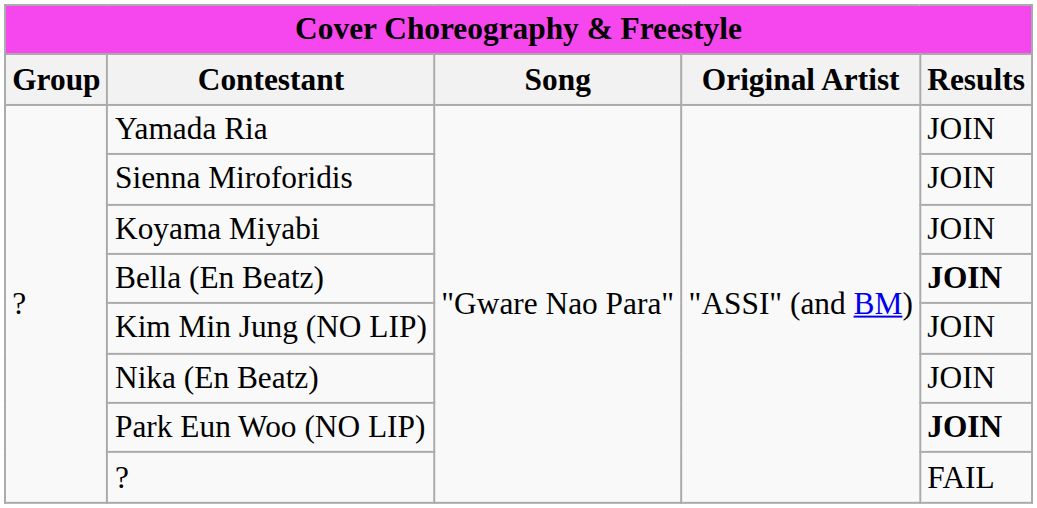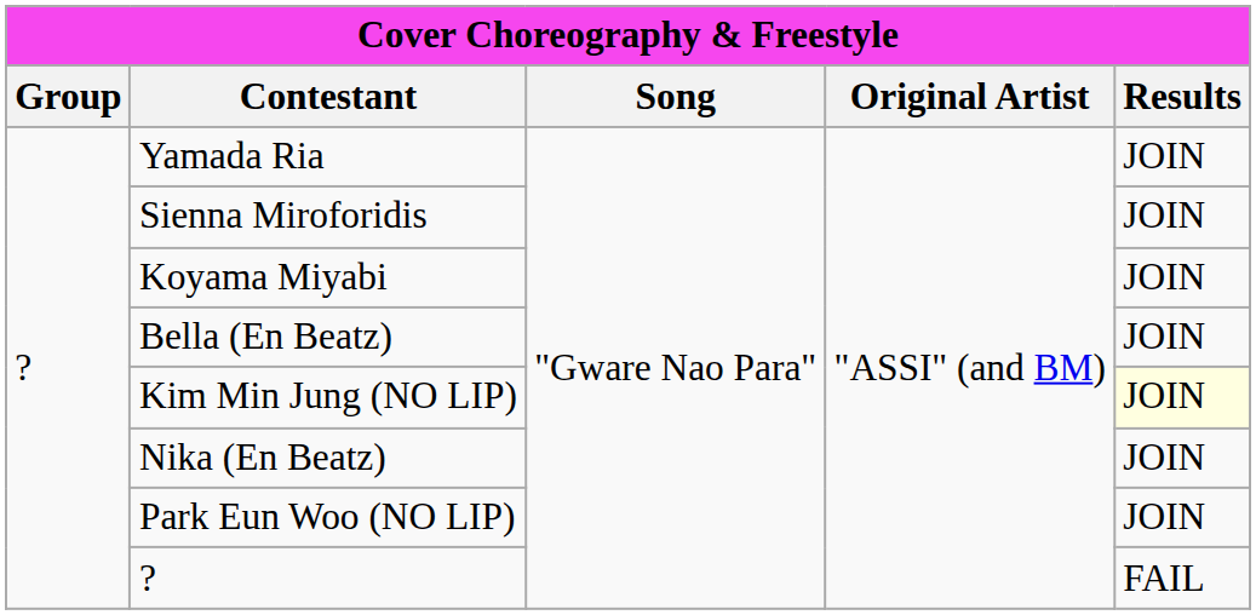 <table class="wikitable mw-collapsible mw-collapsed"  style="text-align:center font-size:90%">
 <tr>
 <th style="background:#F646EE"; colspan="5">Cover Choreography & Freestyle</th>
 </tr>
 <tr style="background:#f2f2f2">
 <th scope="col">Group</th>
 <th scope="col">Contestant</th>
 <th scope="col">Song</th>
 <th scope="col">Original Artist</th>
 <th scope="col">Results</th>
 </tr>
 <tr>
 <td rowspan="8">?</td>
 <td>Yamada Ria</td>
 <td rowspan="8">"Gware Nao Para"</td>
 <td rowspan="8">"ASSI" (and <a href='#'>BM</a>)</td>
 <td>JOIN</td>
 </tr>
 <tr>
 <td>Sienna Miroforidis</td>
 <td>JOIN</td>
 </tr>
 <tr>
 <td>Koyama Miyabi</td>
 <td>JOIN</td>
 </tr>
 <tr>
 <td>Bella (En Beatz)</td>
-<td><strong>JOIN</strong></td>
+<td>JOIN</td>
 </tr>
 <tr>
 <td>Kim Min Jung (NO LIP)</td>
-<td>JOIN</td>
+<td style="background: lightyellow;">JOIN</td>
 </tr>
 <tr>
 <td>Nika (En Beatz)</td>
 <td>JOIN</td>
 </tr>
 <tr>
 <td>Park Eun Woo (NO LIP)</td>
-<td><strong>JOIN</strong></td>
+<td>JOIN</td>
 </tr>
 <tr>
 <td>?</td>
 <td>FAIL</td>
 </tr>
 </table>
